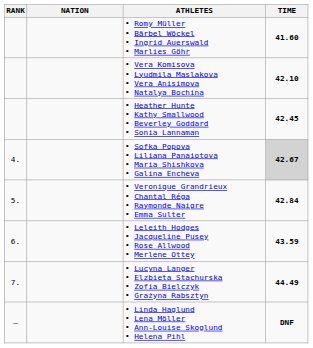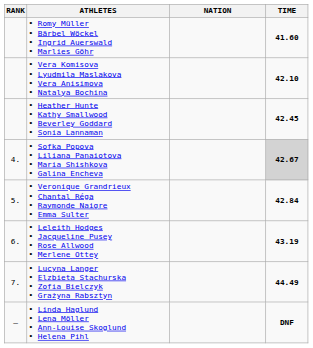 <table class="wikitable" style="border-collapse: collapse; font-size: 90%;">
 <tr>
 <th>RANK</th>
+<th style="width: 18em">ATHLETES</th>
 <th style="width: 12em">NATION</th>
-<th style="width: 18em">ATHLETES</th>
 <th style="width: 5em">TIME</th>
 </tr>
 <tr>
 <td align="center"></td>
+<td>• <a href='#'>Romy Müller</a><br>• <a href='#'>Bärbel Wöckel</a><br>• <a href='#'>Ingrid Auerswald</a><br>• <a href='#'>Marlies Göhr</a></td>
 <td align="center"></td>
-<td>• <a href='#'>Romy Müller</a><br>• <a href='#'>Bärbel Wöckel</a><br>• <a href='#'>Ingrid Auerswald</a><br>• <a href='#'>Marlies Göhr</a></td>
 <td align="center"><strong>41.60</strong></td>
 </tr>
 <tr>
 <td align="center"></td>
+<td>• <a href='#'>Vera Komisova</a><br>• <a href='#'>Lyudmila Maslakova</a><br>• <a href='#'>Vera Anisimova</a><br>• <a href='#'>Natalya Bochina</a></td>
 <td align="center"></td>
-<td>• <a href='#'>Vera Komisova</a><br>• <a href='#'>Lyudmila Maslakova</a><br>• <a href='#'>Vera Anisimova</a><br>• <a href='#'>Natalya Bochina</a></td>
 <td align="center"><strong>42.10</strong></td>
 </tr>
 <tr>
 <td align="center"></td>
+<td>• <a href='#'>Heather Hunte</a><br>• <a href='#'>Kathy Smallwood</a><br>• <a href='#'>Beverley Goddard</a><br>• <a href='#'>Sonia Lannaman</a></td>
 <td align="center"></td>
-<td>• <a href='#'>Heather Hunte</a><br>• <a href='#'>Kathy Smallwood</a><br>• <a href='#'>Beverley Goddard</a><br>• <a href='#'>Sonia Lannaman</a></td>
 <td align="center"><strong>42.45</strong></td>
 </tr>
 <tr>
 <td align="center">4.</td>
+<td>• <a href='#'>Sofka Popova</a><br>• <a href='#'>Liliana Panaiotova</a><br>• <a href='#'>Maria Shishkova</a><br>• <a href='#'>Galina Encheva</a></td>
 <td align="center"></td>
-<td>• <a href='#'>Sofka Popova</a><br>• <a href='#'>Liliana Panaiotova</a><br>• <a href='#'>Maria Shishkova</a><br>• <a href='#'>Galina Encheva</a></td>
 <td align="center" style="background: lightgrey;"><strong>42.67</strong></td>
 </tr>
 <tr>
 <td align="center">5.</td>
+<td>• <a href='#'>Veronique Grandrieux</a><br>• <a href='#'>Chantal Réga</a><br>• <a href='#'>Raymonde Naigre</a><br>• <a href='#'>Emma Sulter</a></td>
 <td align="center"></td>
-<td>• <a href='#'>Veronique Grandrieux</a><br>• <a href='#'>Chantal Réga</a><br>• <a href='#'>Raymonde Naigre</a><br>• <a href='#'>Emma Sulter</a></td>
 <td align="center"><strong>42.84</strong></td>
 </tr>
 <tr>
 <td align="center">6.</td>
+<td>• <a href='#'>Leleith Hodges</a><br>• <a href='#'>Jacqueline Pusey</a><br>• <a href='#'>Rose Allwood</a><br>• <a href='#'>Merlene Ottey</a></td>
 <td align="center"></td>
-<td>• <a href='#'>Leleith Hodges</a><br>• <a href='#'>Jacqueline Pusey</a><br>• <a href='#'>Rose Allwood</a><br>• <a href='#'>Merlene Ottey</a></td>
-<td align="center"><strong>43.59</strong></td>
+<td align="center"><strong>43.19</strong></td>
 </tr>
 <tr>
 <td align="center">7.</td>
+<td>• <a href='#'>Lucyna Langer</a><br>• <a href='#'>Elzbieta Stachurska</a><br>• <a href='#'>Zofia Bielczyk</a><br>• <a href='#'>Grażyna Rabsztyn</a></td>
 <td align="center"></td>
-<td>• <a href='#'>Lucyna Langer</a><br>• <a href='#'>Elzbieta Stachurska</a><br>• <a href='#'>Zofia Bielczyk</a><br>• <a href='#'>Grażyna Rabsztyn</a></td>
 <td align="center"><strong>44.49</strong></td>
 </tr>
 <tr>
 <td align="center">–</td>
+<td>• <a href='#'>Linda Haglund</a><br>• <a href='#'>Lena Möller</a><br>• <a href='#'>Ann-Louise Skoglund</a><br>• <a href='#'>Helena Pihl</a></td>
 <td align="center"></td>
-<td>• <a href='#'>Linda Haglund</a><br>• <a href='#'>Lena Möller</a><br>• <a href='#'>Ann-Louise Skoglund</a><br>• <a href='#'>Helena Pihl</a></td>
 <td align="center"><strong>DNF</strong></td>
 </tr>
 </table>
